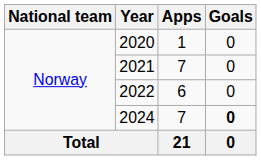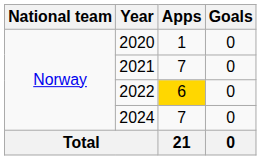 <table class="wikitable" style="text-align:center">
 <tr>
 <th>National team</th>
 <th>Year</th>
 <th>Apps</th>
 <th>Goals</th>
 </tr>
 <tr>
 <td rowspan="4"><a href='#'>Norway</a></td>
 <td>2020</td>
 <td>1</td>
 <td>0</td>
 </tr>
 <tr>
 <td>2021</td>
 <td>7</td>
 <td>0</td>
 </tr>
 <tr>
 <td>2022</td>
-<td>6</td>
+<td style="background: gold;">6</td>
 <td>0</td>
 </tr>
 <tr>
 <td>2024</td>
 <td>7</td>
-<td><strong>0</strong></td>
+<td>0</td>
 </tr>
 <tr>
 <th colspan="2">Total</th>
 <th>21</th>
 <th>0</th>
 </tr>
 </table>
